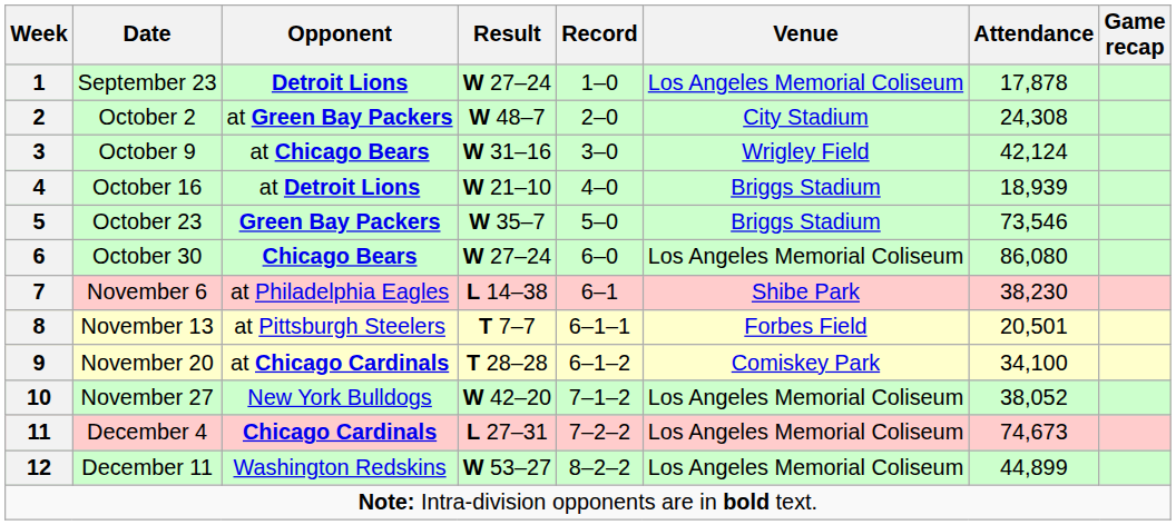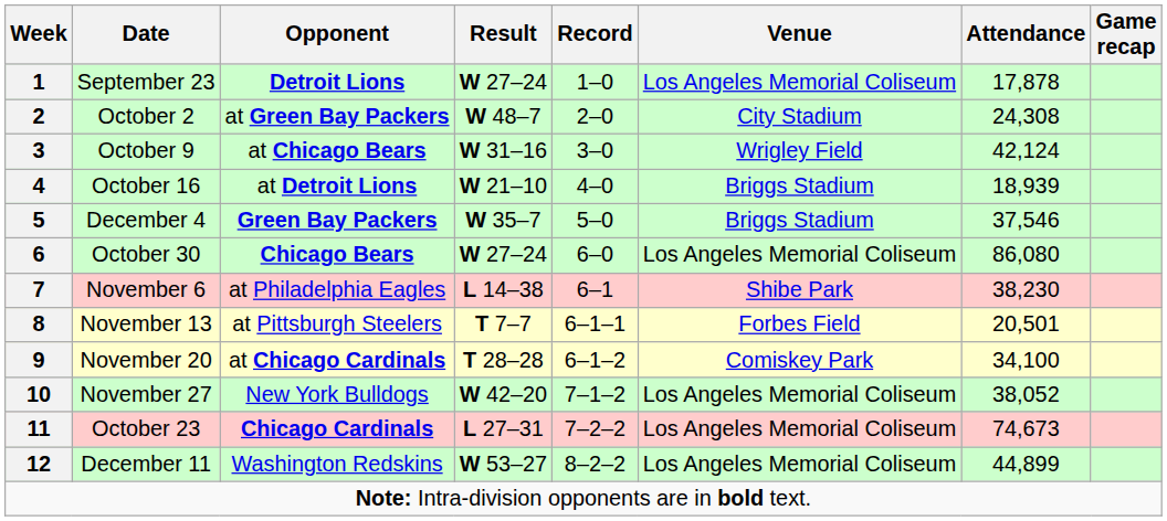 <table class="wikitable" style="text-align:center">
 <tr>
 <th>Week</th>
 <th>Date</th>
 <th>Opponent</th>
 <th>Result</th>
 <th>Record</th>
 <th>Venue</th>
 <th>Attendance</th>
 <th>Game<br>recap</th>
 </tr>
 <tr style="background:#cfc">
 <th>1</th>
 <td>September 23</td>
 <td><strong><a href='#'>Detroit Lions</a></strong></td>
 <td><strong>W</strong> 27–24</td>
 <td>1–0</td>
 <td><a href='#'>Los Angeles Memorial Coliseum</a></td>
 <td>17,878</td>
 <td></td>
 </tr>
 <tr style="background:#cfc">
 <th>2</th>
 <td>October 2</td>
 <td>at <strong><a href='#'>Green Bay Packers</a></strong></td>
 <td><strong>W</strong> 48–7</td>
 <td>2–0</td>
 <td><a href='#'>City Stadium</a></td>
 <td>24,308</td>
 <td></td>
 </tr>
 <tr style="background:#cfc">
 <th>3</th>
 <td>October 9</td>
 <td>at <strong><a href='#'>Chicago Bears</a></strong></td>
 <td><strong>W</strong> 31–16</td>
 <td>3–0</td>
 <td><a href='#'>Wrigley Field</a></td>
 <td>42,124</td>
 <td></td>
 </tr>
 <tr style="background:#cfc">
 <th>4</th>
 <td>October 16</td>
 <td>at <strong><a href='#'>Detroit Lions</a></strong></td>
 <td><strong>W</strong> 21–10</td>
 <td>4–0</td>
 <td><a href='#'>Briggs Stadium</a></td>
 <td>18,939</td>
 <td></td>
 </tr>
 <tr style="background:#cfc">
 <th>5</th>
-<td>October 23</td>
+<td>December 4</td>
 <td><strong><a href='#'>Green Bay Packers</a></strong></td>
 <td><strong>W</strong> 35–7</td>
 <td>5–0</td>
 <td><a href='#'>Briggs Stadium</a></td>
-<td>73,546</td>
+<td>37,546</td>
 <td></td>
 </tr>
 <tr style="background:#cfc">
 <th>6</th>
 <td>October 30</td>
 <td><strong><a href='#'>Chicago Bears</a></strong></td>
 <td><strong>W</strong> 27–24</td>
 <td>6–0</td>
 <td>Los Angeles Memorial Coliseum</td>
 <td>86,080</td>
 <td></td>
 </tr>
 <tr style="background:#fcc">
 <th>7</th>
 <td>November 6</td>
 <td>at <a href='#'>Philadelphia Eagles</a></td>
 <td><strong>L</strong> 14–38</td>
 <td>6–1</td>
 <td><a href='#'>Shibe Park</a></td>
 <td>38,230</td>
 <td></td>
 </tr>
 <tr style="background:#ffc">
 <th>8</th>
 <td>November 13</td>
 <td>at <a href='#'>Pittsburgh Steelers</a></td>
 <td><strong>T</strong> 7–7</td>
 <td>6–1–1</td>
 <td><a href='#'>Forbes Field</a></td>
 <td>20,501</td>
 <td></td>
 </tr>
 <tr style="background:#ffc">
 <th>9</th>
 <td>November 20</td>
 <td>at <strong><a href='#'>Chicago Cardinals</a></strong></td>
 <td><strong>T</strong> 28–28</td>
 <td>6–1–2</td>
 <td><a href='#'>Comiskey Park</a></td>
 <td>34,100</td>
 <td></td>
 </tr>
 <tr style="background:#cfc">
 <th>10</th>
 <td>November 27</td>
 <td><a href='#'>New York Bulldogs</a></td>
 <td><strong>W</strong> 42–20</td>
 <td>7–1–2</td>
 <td>Los Angeles Memorial Coliseum</td>
 <td>38,052</td>
 <td></td>
 </tr>
 <tr style="background:#fcc">
 <th>11</th>
-<td>December 4</td>
+<td>October 23</td>
 <td><strong><a href='#'>Chicago Cardinals</a></strong></td>
 <td><strong>L</strong> 27–31</td>
 <td>7–2–2</td>
 <td>Los Angeles Memorial Coliseum</td>
 <td>74,673</td>
 <td></td>
 </tr>
 <tr style="background:#cfc">
 <th>12</th>
 <td>December 11</td>
 <td><a href='#'>Washington Redskins</a></td>
 <td><strong>W</strong> 53–27</td>
 <td>8–2–2</td>
 <td>Los Angeles Memorial Coliseum</td>
 <td>44,899</td>
 <td></td>
 </tr>
 <tr>
 <td colspan="8"><strong>Note:</strong> Intra-division opponents are in <strong>bold</strong> text.</td>
 </tr>
 </table>
